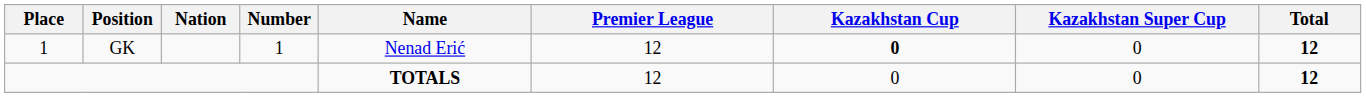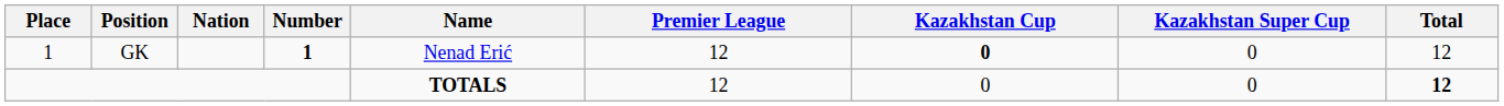 <table class="wikitable" style="font-size: 95%; text-align: center;">
 <tr>
 <th width=60>Place</th>
 <th width=60>Position</th>
 <th width=60>Nation</th>
 <th width=60>Number</th>
 <th width=175>Name</th>
 <th width=200><a href='#'>Premier League</a></th>
 <th width=200><a href='#'>Kazakhstan Cup</a></th>
 <th width=200><a href='#'>Kazakhstan Super Cup</a></th>
 <th width=80><strong>Total</strong></th>
 </tr>
 <tr>
 <td>1</td>
 <td>GK</td>
 <td></td>
-<td>1</td>
+<td><strong>1</strong></td>
 <td><a href='#'>Nenad Erić</a></td>
 <td>12</td>
 <td><strong>0</strong></td>
 <td>0</td>
-<td><strong>12</strong></td>
+<td>12</td>
 </tr>
 <tr>
 <td colspan="4"></td>
 <td><strong>TOTALS</strong></td>
 <td>12</td>
 <td>0</td>
 <td>0</td>
 <td><strong>12</strong></td>
 </tr>
 </table>
